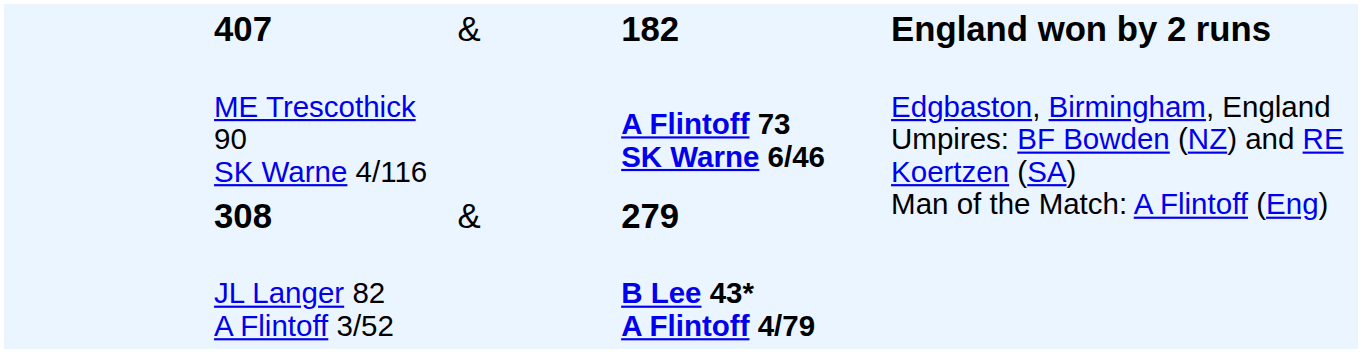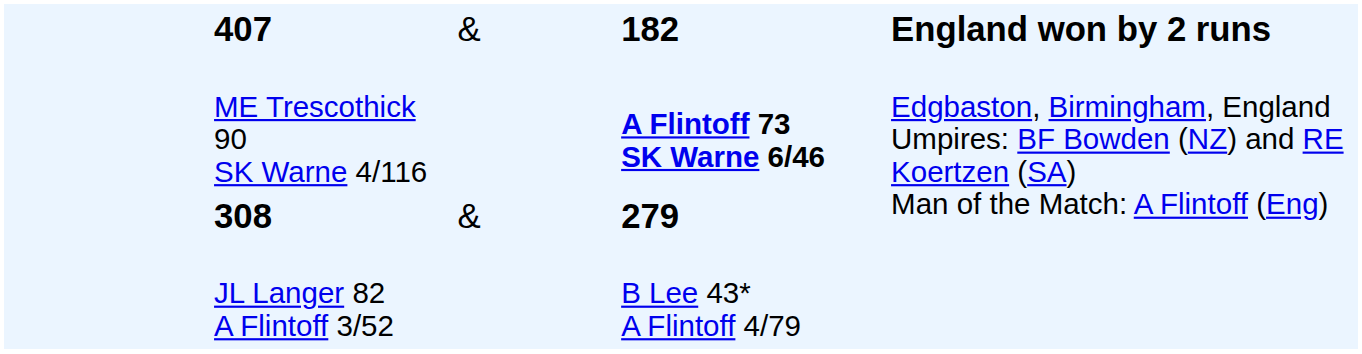 <table width="100%" style="background: #EBF5FF">
 <tr>
 <td width="15%" valign="top" rowspan="2"><strong></strong></td>
 <td width="18%"><strong>407</strong></td>
 <td width="12%">&</td>
 <td width="20%"><strong>182</strong></td>
 <td width="35%"><strong>England won by 2 runs</strong></td>
 </tr>
 <tr>
 <td style="font-size: 85%;" valign="top"><br><a href='#'>ME Trescothick</a> 90<br> <a href='#'>SK Warne</a> 4/116</td>
 <td></td>
 <td style="font-size: 85%;"><strong><br><a href='#'>A Flintoff</a> 73<br> <a href='#'>SK Warne</a> 6/46 <br></strong></td>
 <td valign="top" style="font-size: 85%;" rowspan="3"><br><a href='#'>Edgbaston</a>, <a href='#'>Birmingham</a>, England<br> Umpires: <a href='#'>BF Bowden</a> (<a href='#'>NZ</a>) and <a href='#'>RE Koertzen</a> (<a href='#'>SA</a>)<br> Man of the Match: <a href='#'>A Flintoff</a> (<a href='#'>Eng</a>)</td>
 </tr>
 <tr>
 <td valign="top" rowspan="2"><strong></strong></td>
 <td><strong>308</strong></td>
 <td>&</td>
 <td><strong>279</strong></td>
 </tr>
 <tr>
 <td style="font-size: 85%;"><br><a href='#'>JL Langer</a> 82<br> <a href='#'>A Flintoff</a> 3/52</td>
 <td></td>
-<td valign="top" style="font-size: 85%;"><strong><br><a href='#'>B Lee</a> 43*<br> <a href='#'>A Flintoff</a> 4/79</strong></td>
+<td valign="top" style="font-size: 85%;"><br><a href='#'>B Lee</a> 43*<br> <a href='#'>A Flintoff</a> 4/79</td>
 </tr>
 </table>
